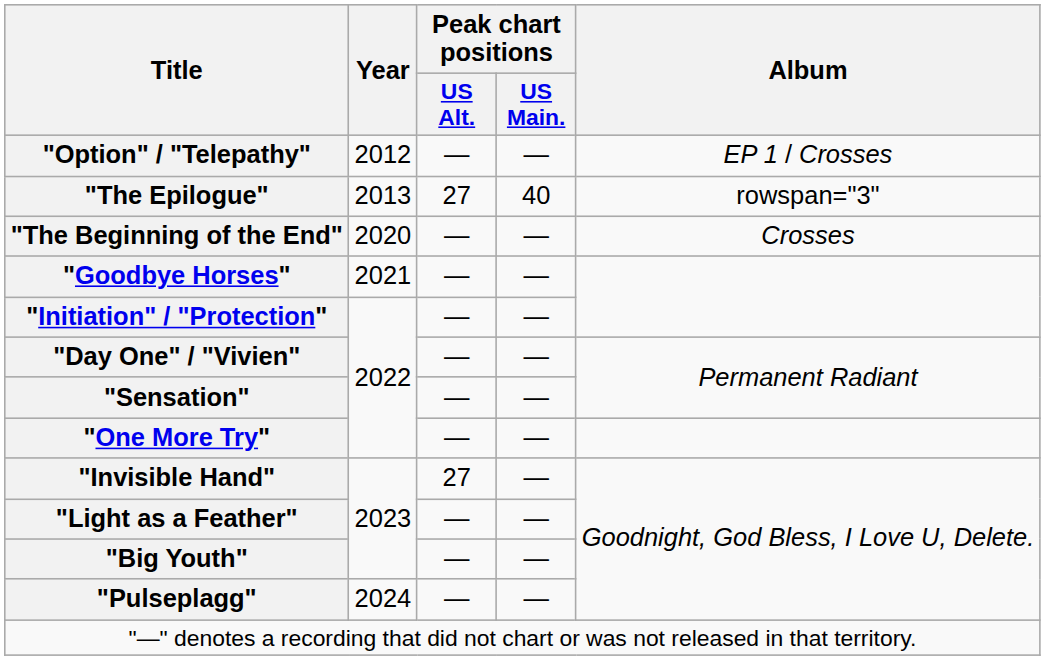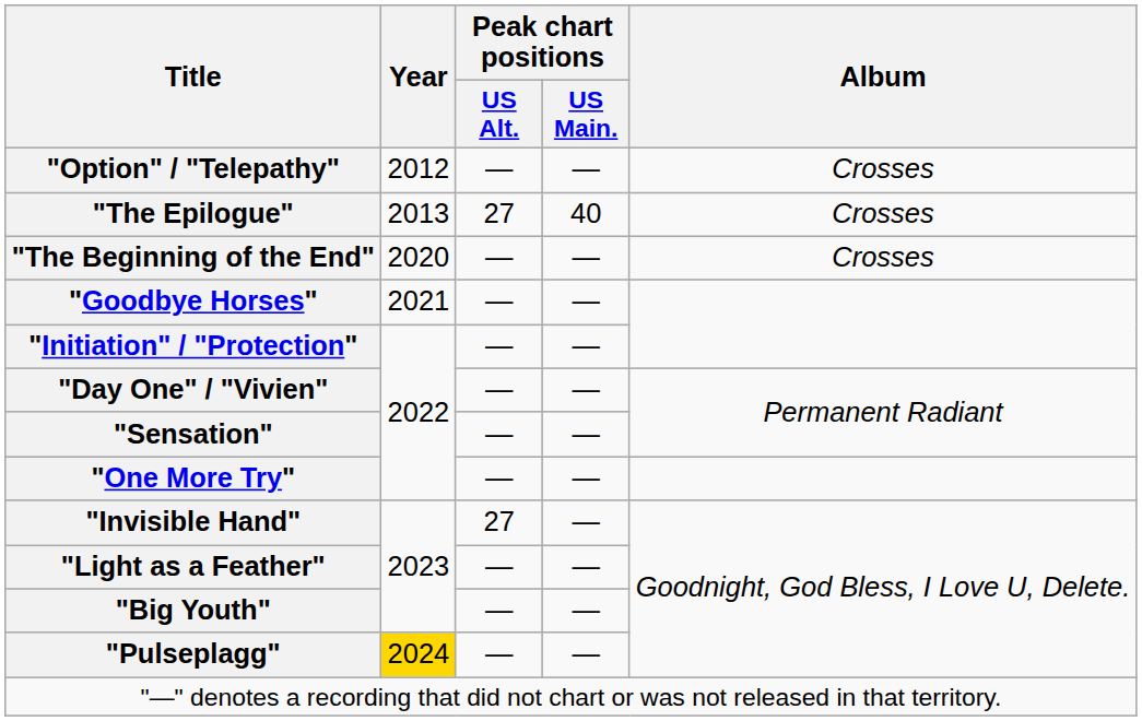 <table class="wikitable plainrowheaders" style="text-align:center;" border="1">
 <tr>
 <th scope="col" rowspan="2">Title</th>
 <th scope="col" rowspan="2">Year</th>
 <th scope="col" colspan="2">Peak chart positions</th>
 <th scope="col" rowspan="2">Album</th>
 </tr>
 <tr>
 <th scope="col" style="width:3em;font-size:90%;"><a href='#'>US<br>Alt.</a><br></th>
 <th scope="col" style="width:3em;font-size:90%;"><a href='#'>US<br>Main.</a></th>
 </tr>
 <tr>
 <th scope="row">"Option" / "Telepathy"</th>
 <td>2012</td>
 <td>—</td>
 <td>—</td>
-<td><em>EP 1</em> / <em>Crosses</em></td>
+<td><em>Crosses</em></td>
 </tr>
 <tr>
 <th scope="row">"The Epilogue"</th>
 <td>2013</td>
 <td>27</td>
 <td>40</td>
-<td>rowspan="3" </td>
+<td><em>Crosses</em></td>
 </tr>
 <tr>
 <th scope="row">"The Beginning of the End" </th>
 <td>2020</td>
 <td>—</td>
 <td>—</td>
 <td><em>Crosses</em></td>
 </tr>
 <tr>
 <th scope="row">"<a href='#'>Goodbye Horses</a>" </th>
 <td>2021</td>
 <td>—</td>
 <td>—</td>
 </tr>
 <tr>
 <th scope="row">"<a href='#'>Initiation" / "Protection</a>"</th>
 <td rowspan="4">2022</td>
 <td>—</td>
 <td>—</td>
 </tr>
 <tr>
 <th scope="row">"Day One" / "Vivien"</th>
 <td>—</td>
 <td>—</td>
 <td rowspan="2"><em>Permanent Radiant</em></td>
 </tr>
 <tr>
 <th scope="row">"Sensation"</th>
 <td>—</td>
 <td>—</td>
 </tr>
 <tr>
 <th scope="row">"<a href='#'>One More Try</a>" </th>
 <td>—</td>
 <td>—</td>
 <td></td>
 </tr>
 <tr>
 <th scope="row">"Invisible Hand"</th>
 <td rowspan="3">2023</td>
 <td>27</td>
 <td>—</td>
 <td rowspan="4"><em>Goodnight, God Bless, I Love U, Delete.</em></td>
 </tr>
 <tr>
 <th scope="row">"Light as a Feather"</th>
 <td>—</td>
 <td>—</td>
 </tr>
 <tr>
 <th scope="row">"Big Youth" </th>
 <td>—</td>
 <td>—</td>
 </tr>
 <tr>
 <th scope="row">"Pulseplagg"</th>
-<td>2024</td>
+<td style="background: gold;">2024</td>
 <td>—</td>
 <td>—</td>
 </tr>
 <tr>
 <td colspan="5" style="font-size:90%">"—" denotes a recording that did not chart or was not released in that territory.</td>
 </tr>
 </table>
